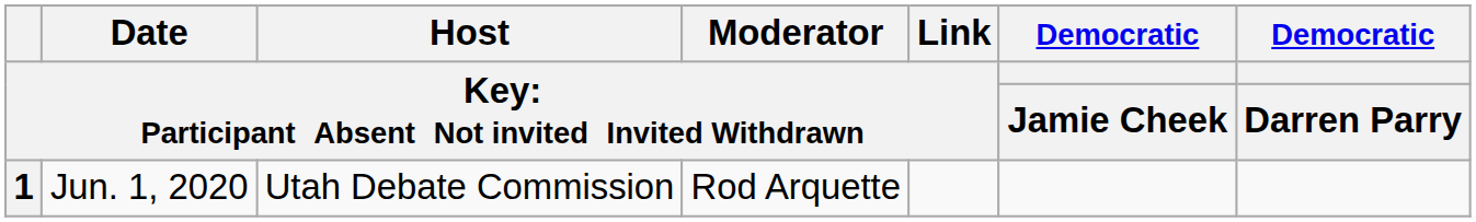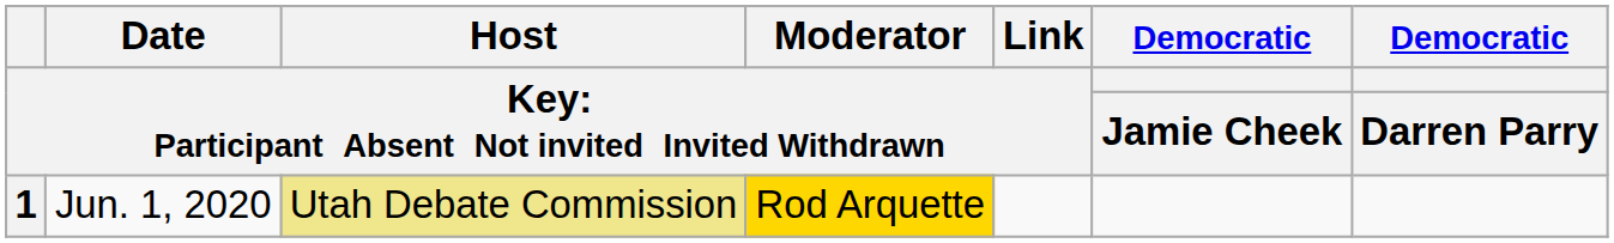 <table class="wikitable" style="text-align:center;">
 <tr>
 <th scope="col"></th>
 <th scope="col">Date</th>
 <th scope="col">Host</th>
 <th scope="col">Moderator</th>
 <th scope="col">Link</th>
 <th scope="col"><small><a href='#'>Democratic</a></small></th>
 <th scope="col"><small><a href='#'>Democratic</a></small></th>
 </tr>
 <tr>
 <th colspan="5" rowspan="2">Key:<br> <small>Participant </small>  <small>Absent </small>  <small>Not invited </small>  <small>Invited  Withdrawn</small></th>
 <th scope="col" style="background:"></th>
 <th scope="col" style="background:"></th>
 </tr>
 <tr>
 <th scope="col">Jamie Cheek</th>
 <th scope="col">Darren Parry</th>
 </tr>
 <tr>
 <th>1</th>
 <td style="white-space:nowrap;">Jun. 1, 2020</td>
-<td style="white-space:nowrap;">Utah Debate Commission</td>
-<td style="white-space:nowrap;">Rod Arquette</td>
+<td style="background: khaki; white-space:nowrap;">Utah Debate Commission</td>
+<td style="background: gold; white-space:nowrap;">Rod Arquette</td>
 <td style="white-space:nowrap;"></td>
 <td></td>
 <td></td>
 </tr>
 </table>
